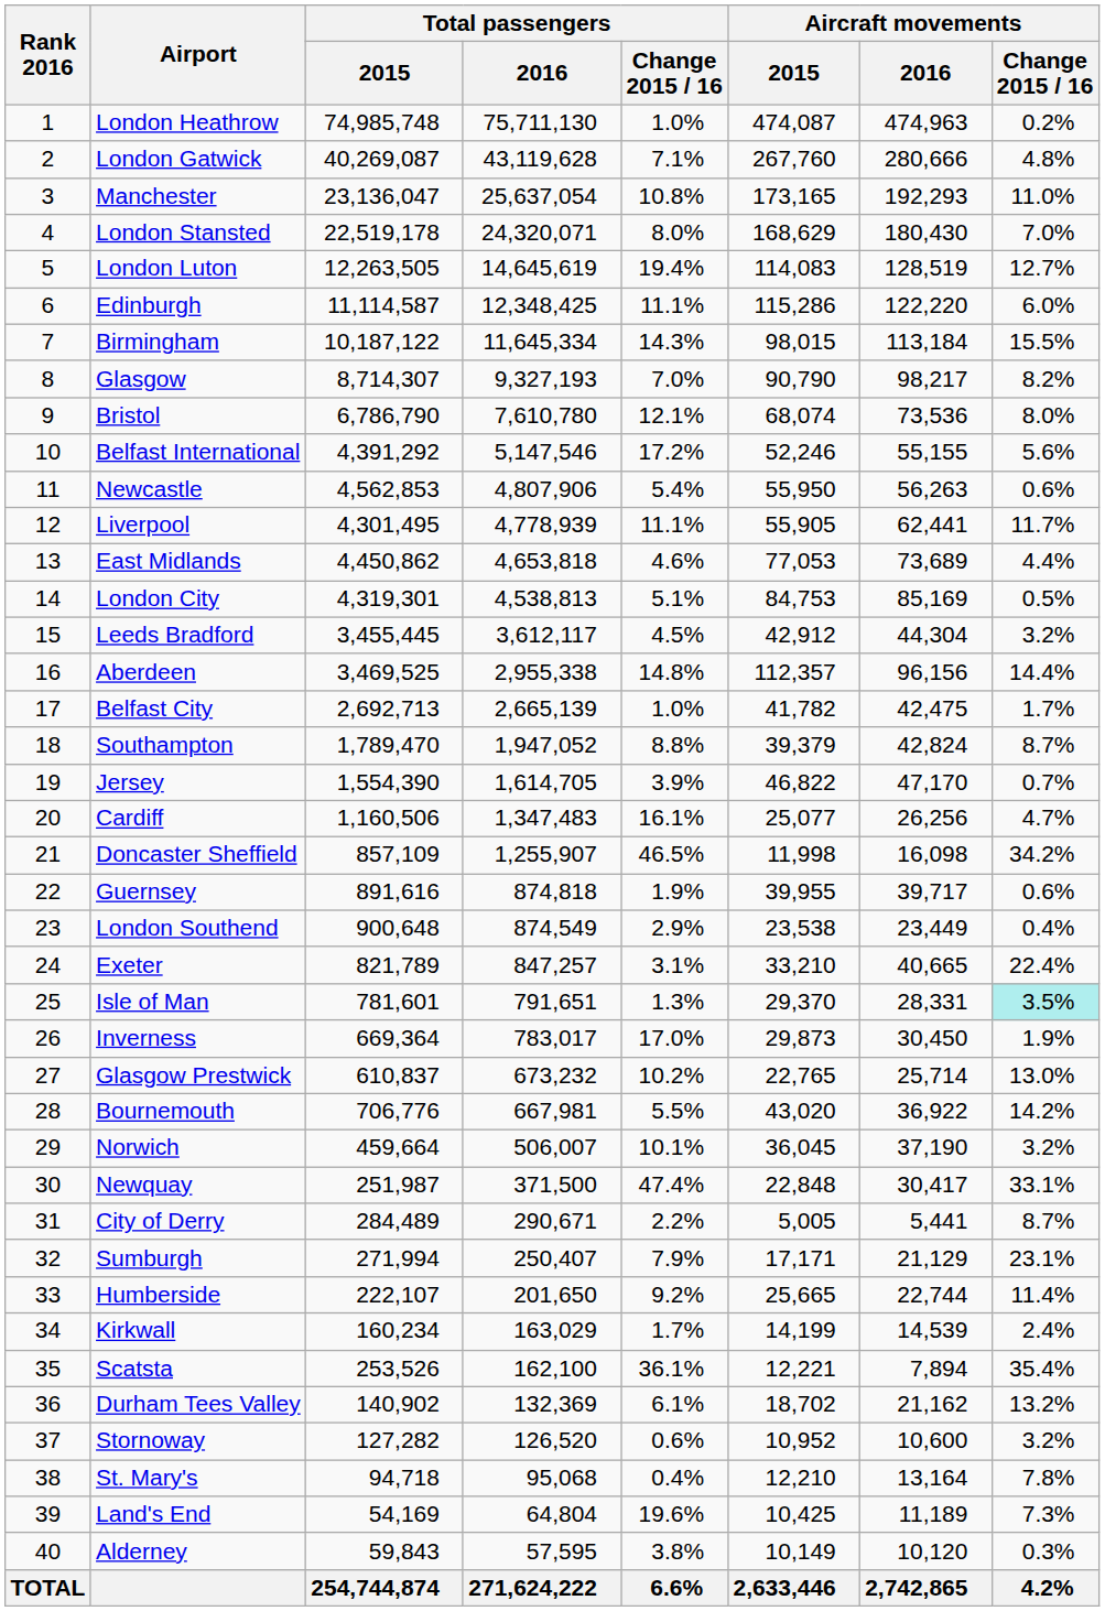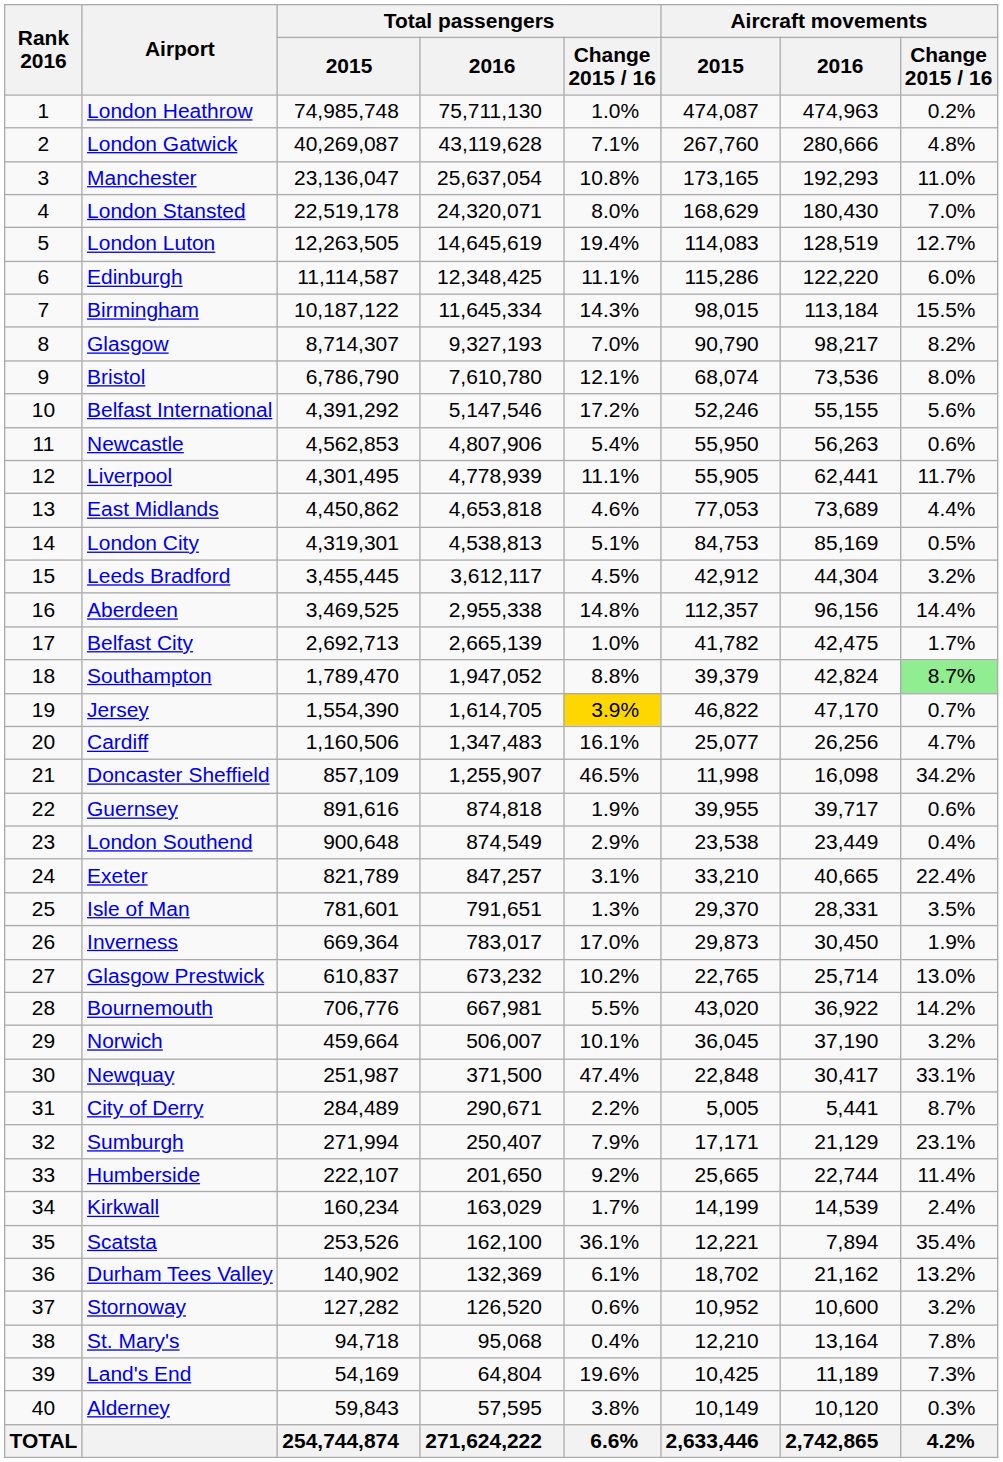 <table class="wikitable sortable" style="text-align: right; ">
 <tr>
 <th rowspan=2>Rank<br>2016</th>
 <th rowspan=2>Airport</th>
 <th colspan=3>Total passengers</th>
 <th colspan=3>Aircraft movements</th>
 </tr>
 <tr>
 <th>2015</th>
 <th>2016</th>
 <th>Change<br>2015 / 16</th>
 <th>2015</th>
 <th>2016</th>
 <th>Change<br>2015 / 16</th>
 </tr>
 <tr>
 <td align='center'>1</td>
 <td align='left'><a href='#'>London Heathrow</a></td>
 <td style="padding-right: 1em;">74,985,748</td>
 <td style="padding-right: 1em;">75,711,130</td>
 <td style="padding-right: 1em;">1.0%</td>
 <td style="padding-right: 1em;">474,087</td>
 <td style="padding-right: 1em;">474,963</td>
 <td style="padding-right: 1em;">0.2%</td>
 </tr>
 <tr>
 <td align='center'>2</td>
 <td align='left'><a href='#'>London Gatwick</a></td>
 <td style="padding-right: 1em;">40,269,087</td>
 <td style="padding-right: 1em;">43,119,628</td>
 <td style="padding-right: 1em;">7.1%</td>
 <td style="padding-right: 1em;">267,760</td>
 <td style="padding-right: 1em;">280,666</td>
 <td style="padding-right: 1em;">4.8%</td>
 </tr>
 <tr>
 <td align='center'>3</td>
 <td align='left'><a href='#'>Manchester</a></td>
 <td style="padding-right: 1em;">23,136,047</td>
 <td style="padding-right: 1em;">25,637,054</td>
 <td style="padding-right: 1em;">10.8%</td>
 <td style="padding-right: 1em;">173,165</td>
 <td style="padding-right: 1em;">192,293</td>
 <td style="padding-right: 1em;">11.0%</td>
 </tr>
 <tr>
 <td align='center'>4</td>
 <td align='left'><a href='#'>London Stansted</a></td>
 <td style="padding-right: 1em;">22,519,178</td>
 <td style="padding-right: 1em;">24,320,071</td>
 <td style="padding-right: 1em;">8.0%</td>
 <td style="padding-right: 1em;">168,629</td>
 <td style="padding-right: 1em;">180,430</td>
 <td style="padding-right: 1em;">7.0%</td>
 </tr>
 <tr>
 <td align='center'>5</td>
 <td align='left'><a href='#'>London Luton</a></td>
 <td style="padding-right: 1em;">12,263,505</td>
 <td style="padding-right: 1em;">14,645,619</td>
 <td style="padding-right: 1em;">19.4%</td>
 <td style="padding-right: 1em;">114,083</td>
 <td style="padding-right: 1em;">128,519</td>
 <td style="padding-right: 1em;">12.7%</td>
 </tr>
 <tr>
 <td align='center'>6</td>
 <td align='left'><a href='#'>Edinburgh</a></td>
 <td style="padding-right: 1em;">11,114,587</td>
 <td style="padding-right: 1em;">12,348,425</td>
 <td style="padding-right: 1em;">11.1%</td>
 <td style="padding-right: 1em;">115,286</td>
 <td style="padding-right: 1em;">122,220</td>
 <td style="padding-right: 1em;">6.0%</td>
 </tr>
 <tr>
 <td align='center'>7</td>
 <td align='left'><a href='#'>Birmingham</a></td>
 <td style="padding-right: 1em;">10,187,122</td>
 <td style="padding-right: 1em;">11,645,334</td>
 <td style="padding-right: 1em;">14.3%</td>
 <td style="padding-right: 1em;">98,015</td>
 <td style="padding-right: 1em;">113,184</td>
 <td style="padding-right: 1em;">15.5%</td>
 </tr>
 <tr>
 <td align='center'>8</td>
 <td align='left'><a href='#'>Glasgow</a></td>
 <td style="padding-right: 1em;">8,714,307</td>
 <td style="padding-right: 1em;">9,327,193</td>
 <td style="padding-right: 1em;">7.0%</td>
 <td style="padding-right: 1em;">90,790</td>
 <td style="padding-right: 1em;">98,217</td>
 <td style="padding-right: 1em;">8.2%</td>
 </tr>
 <tr>
 <td align='center'>9</td>
 <td align='left'><a href='#'>Bristol</a></td>
 <td style="padding-right: 1em;">6,786,790</td>
 <td style="padding-right: 1em;">7,610,780</td>
 <td style="padding-right: 1em;">12.1%</td>
 <td style="padding-right: 1em;">68,074</td>
 <td style="padding-right: 1em;">73,536</td>
 <td style="padding-right: 1em;">8.0%</td>
 </tr>
 <tr>
 <td align='center'>10</td>
 <td align='left'><a href='#'>Belfast International</a></td>
 <td style="padding-right: 1em;">4,391,292</td>
 <td style="padding-right: 1em;">5,147,546</td>
 <td style="padding-right: 1em;">17.2%</td>
 <td style="padding-right: 1em;">52,246</td>
 <td style="padding-right: 1em;">55,155</td>
 <td style="padding-right: 1em;">5.6%</td>
 </tr>
 <tr>
 <td align='center'>11</td>
 <td align='left'><a href='#'>Newcastle</a></td>
 <td style="padding-right: 1em;">4,562,853</td>
 <td style="padding-right: 1em;">4,807,906</td>
 <td style="padding-right: 1em;">5.4%</td>
 <td style="padding-right: 1em;">55,950</td>
 <td style="padding-right: 1em;">56,263</td>
 <td style="padding-right: 1em;">0.6%</td>
 </tr>
 <tr>
 <td align='center'>12</td>
 <td align='left'><a href='#'>Liverpool</a></td>
 <td style="padding-right: 1em;">4,301,495</td>
 <td style="padding-right: 1em;">4,778,939</td>
 <td style="padding-right: 1em;">11.1%</td>
 <td style="padding-right: 1em;">55,905</td>
 <td style="padding-right: 1em;">62,441</td>
 <td style="padding-right: 1em;">11.7%</td>
 </tr>
 <tr>
 <td align='center'>13</td>
 <td align='left'><a href='#'>East Midlands</a></td>
 <td style="padding-right: 1em;">4,450,862</td>
 <td style="padding-right: 1em;">4,653,818</td>
 <td style="padding-right: 1em;">4.6%</td>
 <td style="padding-right: 1em;">77,053</td>
 <td style="padding-right: 1em;">73,689</td>
 <td style="padding-right: 1em;">4.4%</td>
 </tr>
 <tr>
 <td align='center'>14</td>
 <td align='left'><a href='#'>London City</a></td>
 <td style="padding-right: 1em;">4,319,301</td>
 <td style="padding-right: 1em;">4,538,813</td>
 <td style="padding-right: 1em;">5.1%</td>
 <td style="padding-right: 1em;">84,753</td>
 <td style="padding-right: 1em;">85,169</td>
 <td style="padding-right: 1em;">0.5%</td>
 </tr>
 <tr>
 <td align='center'>15</td>
 <td align='left'><a href='#'>Leeds Bradford</a></td>
 <td style="padding-right: 1em;">3,455,445</td>
 <td style="padding-right: 1em;">3,612,117</td>
 <td style="padding-right: 1em;">4.5%</td>
 <td style="padding-right: 1em;">42,912</td>
 <td style="padding-right: 1em;">44,304</td>
 <td style="padding-right: 1em;">3.2%</td>
 </tr>
 <tr>
 <td align='center'>16</td>
 <td align='left'><a href='#'>Aberdeen</a></td>
 <td style="padding-right: 1em;">3,469,525</td>
 <td style="padding-right: 1em;">2,955,338</td>
 <td style="padding-right: 1em;">14.8%</td>
 <td style="padding-right: 1em;">112,357</td>
 <td style="padding-right: 1em;">96,156</td>
 <td style="padding-right: 1em;">14.4%</td>
 </tr>
 <tr>
 <td align='center'>17</td>
 <td align='left'><a href='#'>Belfast City</a></td>
 <td style="padding-right: 1em;">2,692,713</td>
 <td style="padding-right: 1em;">2,665,139</td>
 <td style="padding-right: 1em;">1.0%</td>
 <td style="padding-right: 1em;">41,782</td>
 <td style="padding-right: 1em;">42,475</td>
 <td style="padding-right: 1em;">1.7%</td>
 </tr>
 <tr>
 <td align='center'>18</td>
 <td align='left'><a href='#'>Southampton</a></td>
 <td style="padding-right: 1em;">1,789,470</td>
 <td style="padding-right: 1em;">1,947,052</td>
 <td style="padding-right: 1em;">8.8%</td>
 <td style="padding-right: 1em;">39,379</td>
 <td style="padding-right: 1em;">42,824</td>
-<td style="padding-right: 1em;">8.7%</td>
+<td style="background: lightgreen; padding-right: 1em;">8.7%</td>
 </tr>
 <tr>
 <td align='center'>19</td>
 <td align='left'><a href='#'>Jersey</a></td>
 <td style="padding-right: 1em;">1,554,390</td>
 <td style="padding-right: 1em;">1,614,705</td>
-<td style="padding-right: 1em;">3.9%</td>
+<td style="background: gold; padding-right: 1em;">3.9%</td>
 <td style="padding-right: 1em;">46,822</td>
 <td style="padding-right: 1em;">47,170</td>
 <td style="padding-right: 1em;">0.7%</td>
 </tr>
 <tr>
 <td align='center'>20</td>
 <td align='left'><a href='#'>Cardiff</a></td>
 <td style="padding-right: 1em;">1,160,506</td>
 <td style="padding-right: 1em;">1,347,483</td>
 <td style="padding-right: 1em;">16.1%</td>
 <td style="padding-right: 1em;">25,077</td>
 <td style="padding-right: 1em;">26,256</td>
 <td style="padding-right: 1em;">4.7%</td>
 </tr>
 <tr>
 <td align='center'>21</td>
 <td align='left'><a href='#'>Doncaster Sheffield</a></td>
 <td style="padding-right: 1em;">857,109</td>
 <td style="padding-right: 1em;">1,255,907</td>
 <td style="padding-right: 1em;">46.5%</td>
 <td style="padding-right: 1em;">11,998</td>
 <td style="padding-right: 1em;">16,098</td>
 <td style="padding-right: 1em;">34.2%</td>
 </tr>
 <tr>
 <td align='center'>22</td>
 <td align='left'><a href='#'>Guernsey</a></td>
 <td style="padding-right: 1em;">891,616</td>
 <td style="padding-right: 1em;">874,818</td>
 <td style="padding-right: 1em;">1.9%</td>
 <td style="padding-right: 1em;">39,955</td>
 <td style="padding-right: 1em;">39,717</td>
 <td style="padding-right: 1em;">0.6%</td>
 </tr>
 <tr>
 <td align='center'>23</td>
 <td align='left'><a href='#'>London Southend</a></td>
 <td style="padding-right: 1em;">900,648</td>
 <td style="padding-right: 1em;">874,549</td>
 <td style="padding-right: 1em;">2.9%</td>
 <td style="padding-right: 1em;">23,538</td>
 <td style="padding-right: 1em;">23,449</td>
 <td style="padding-right: 1em;">0.4%</td>
 </tr>
 <tr>
 <td align='center'>24</td>
 <td align='left'><a href='#'>Exeter</a></td>
 <td style="padding-right: 1em;">821,789</td>
 <td style="padding-right: 1em;">847,257</td>
 <td style="padding-right: 1em;">3.1%</td>
 <td style="padding-right: 1em;">33,210</td>
 <td style="padding-right: 1em;">40,665</td>
 <td style="padding-right: 1em;">22.4%</td>
 </tr>
 <tr>
 <td align='center'>25</td>
 <td align='left'><a href='#'>Isle of Man</a></td>
 <td style="padding-right: 1em;">781,601</td>
 <td style="padding-right: 1em;">791,651</td>
 <td style="padding-right: 1em;">1.3%</td>
 <td style="padding-right: 1em;">29,370</td>
 <td style="padding-right: 1em;">28,331</td>
-<td style="background: paleturquoise; padding-right: 1em;">3.5%</td>
+<td style="padding-right: 1em;">3.5%</td>
 </tr>
 <tr>
 <td align='center'>26</td>
 <td align='left'><a href='#'>Inverness</a></td>
 <td style="padding-right: 1em;">669,364</td>
 <td style="padding-right: 1em;">783,017</td>
 <td style="padding-right: 1em;">17.0%</td>
 <td style="padding-right: 1em;">29,873</td>
 <td style="padding-right: 1em;">30,450</td>
 <td style="padding-right: 1em;">1.9%</td>
 </tr>
 <tr>
 <td align='center'>27</td>
 <td align='left'><a href='#'>Glasgow Prestwick</a></td>
 <td style="padding-right: 1em;">610,837</td>
 <td style="padding-right: 1em;">673,232</td>
 <td style="padding-right: 1em;">10.2%</td>
 <td style="padding-right: 1em;">22,765</td>
 <td style="padding-right: 1em;">25,714</td>
 <td style="padding-right: 1em;">13.0%</td>
 </tr>
 <tr>
 <td align='center'>28</td>
 <td align='left'><a href='#'>Bournemouth</a></td>
 <td style="padding-right: 1em;">706,776</td>
 <td style="padding-right: 1em;">667,981</td>
 <td style="padding-right: 1em;">5.5%</td>
 <td style="padding-right: 1em;">43,020</td>
 <td style="padding-right: 1em;">36,922</td>
 <td style="padding-right: 1em;">14.2%</td>
 </tr>
 <tr>
 <td align='center'>29</td>
 <td align='left'><a href='#'>Norwich</a></td>
 <td style="padding-right: 1em;">459,664</td>
 <td style="padding-right: 1em;">506,007</td>
 <td style="padding-right: 1em;">10.1%</td>
 <td style="padding-right: 1em;">36,045</td>
 <td style="padding-right: 1em;">37,190</td>
 <td style="padding-right: 1em;">3.2%</td>
 </tr>
 <tr>
 <td align='center'>30</td>
 <td align='left'><a href='#'>Newquay</a></td>
 <td style="padding-right: 1em;">251,987</td>
 <td style="padding-right: 1em;">371,500</td>
 <td style="padding-right: 1em;">47.4%</td>
 <td style="padding-right: 1em;">22,848</td>
 <td style="padding-right: 1em;">30,417</td>
 <td style="padding-right: 1em;">33.1%</td>
 </tr>
 <tr>
 <td align='center'>31</td>
 <td align='left'><a href='#'>City of Derry</a></td>
 <td style="padding-right: 1em;">284,489</td>
 <td style="padding-right: 1em;">290,671</td>
 <td style="padding-right: 1em;">2.2%</td>
 <td style="padding-right: 1em;">5,005</td>
 <td style="padding-right: 1em;">5,441</td>
 <td style="padding-right: 1em;">8.7%</td>
 </tr>
 <tr>
 <td align='center'>32</td>
 <td align='left'><a href='#'>Sumburgh</a></td>
 <td style="padding-right: 1em;">271,994</td>
 <td style="padding-right: 1em;">250,407</td>
 <td style="padding-right: 1em;">7.9%</td>
 <td style="padding-right: 1em;">17,171</td>
 <td style="padding-right: 1em;">21,129</td>
 <td style="padding-right: 1em;">23.1%</td>
 </tr>
 <tr>
 <td align='center'>33</td>
 <td align='left'><a href='#'>Humberside</a></td>
 <td style="padding-right: 1em;">222,107</td>
 <td style="padding-right: 1em;">201,650</td>
 <td style="padding-right: 1em;">9.2%</td>
 <td style="padding-right: 1em;">25,665</td>
 <td style="padding-right: 1em;">22,744</td>
 <td style="padding-right: 1em;">11.4%</td>
 </tr>
 <tr>
 <td align='center'>34</td>
 <td align='left'><a href='#'>Kirkwall</a></td>
 <td style="padding-right: 1em;">160,234</td>
 <td style="padding-right: 1em;">163,029</td>
 <td style="padding-right: 1em;">1.7%</td>
 <td style="padding-right: 1em;">14,199</td>
 <td style="padding-right: 1em;">14,539</td>
 <td style="padding-right: 1em;">2.4%</td>
 </tr>
 <tr>
 <td align='center'>35</td>
 <td align='left'><a href='#'>Scatsta</a></td>
 <td style="padding-right: 1em;">253,526</td>
 <td style="padding-right: 1em;">162,100</td>
 <td style="padding-right: 1em;">36.1%</td>
 <td style="padding-right: 1em;">12,221</td>
 <td style="padding-right: 1em;">7,894</td>
 <td style="padding-right: 1em;">35.4%</td>
 </tr>
 <tr>
 <td align='center'>36</td>
 <td align='left'><a href='#'>Durham Tees Valley</a></td>
 <td style="padding-right: 1em;">140,902</td>
 <td style="padding-right: 1em;">132,369</td>
 <td style="padding-right: 1em;">6.1%</td>
 <td style="padding-right: 1em;">18,702</td>
 <td style="padding-right: 1em;">21,162</td>
 <td style="padding-right: 1em;">13.2%</td>
 </tr>
 <tr>
 <td align='center'>37</td>
 <td align='left'><a href='#'>Stornoway</a></td>
 <td style="padding-right: 1em;">127,282</td>
 <td style="padding-right: 1em;">126,520</td>
 <td style="padding-right: 1em;">0.6%</td>
 <td style="padding-right: 1em;">10,952</td>
 <td style="padding-right: 1em;">10,600</td>
 <td style="padding-right: 1em;">3.2%</td>
 </tr>
 <tr>
 <td align='center'>38</td>
 <td align='left'><a href='#'>St. Mary's</a></td>
 <td style="padding-right: 1em;">94,718</td>
 <td style="padding-right: 1em;">95,068</td>
 <td style="padding-right: 1em;">0.4%</td>
 <td style="padding-right: 1em;">12,210</td>
 <td style="padding-right: 1em;">13,164</td>
 <td style="padding-right: 1em;">7.8%</td>
 </tr>
 <tr>
 <td align='center'>39</td>
 <td align='left'><a href='#'>Land's End</a></td>
 <td style="padding-right: 1em;">54,169</td>
 <td style="padding-right: 1em;">64,804</td>
 <td style="padding-right: 1em;">19.6%</td>
 <td style="padding-right: 1em;">10,425</td>
 <td style="padding-right: 1em;">11,189</td>
 <td style="padding-right: 1em;">7.3%</td>
 </tr>
 <tr>
 <td align='center'>40</td>
 <td align='left'><a href='#'>Alderney</a></td>
 <td style="padding-right: 1em;">59,843</td>
 <td style="padding-right: 1em;">57,595</td>
 <td style="padding-right: 1em;">3.8%</td>
 <td style="padding-right: 1em;">10,149</td>
 <td style="padding-right: 1em;">10,120</td>
 <td style="padding-right: 1em;">0.3%</td>
 </tr>
 <tr class="sortbottom">
 <th>TOTAL</th>
 <th></th>
 <th style="padding-right: 1em;">254,744,874</th>
 <th style="padding-right: 1em;">271,624,222</th>
 <th style="padding-right: 0em;">6.6%</th>
 <th style="padding-right: 1em;">2,633,446</th>
 <th style="padding-right: 1em;">2,742,865</th>
 <th style="padding-right: 0em;">4.2%</th>
 </tr>
 </table>
